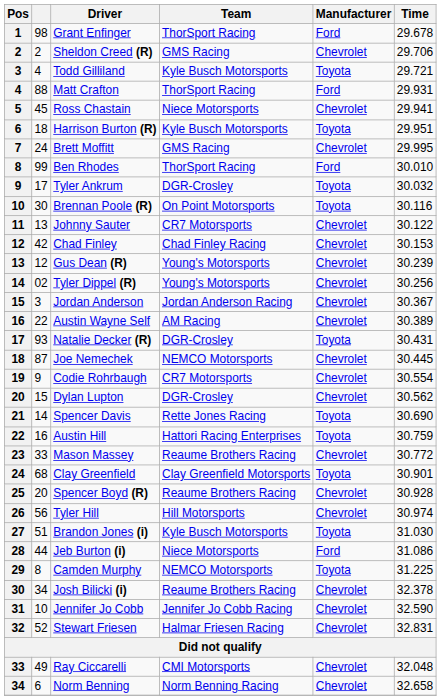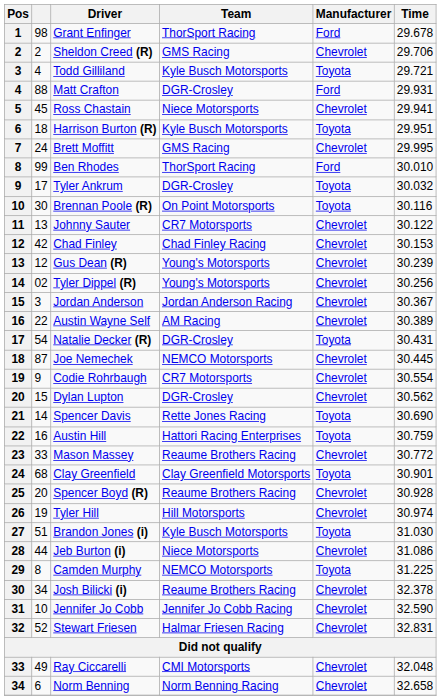 <table class="wikitable" style="font-size:98%">
 <tr>
 <th>Pos</th>
 <th></th>
 <th>Driver</th>
 <th>Team</th>
 <th>Manufacturer</th>
 <th>Time</th>
 </tr>
 <tr>
 <th>1</th>
 <td>98</td>
 <td><a href='#'>Grant Enfinger</a></td>
 <td><a href='#'>ThorSport Racing</a></td>
 <td><a href='#'>Ford</a></td>
 <td>29.678</td>
 </tr>
 <tr>
 <th>2</th>
 <td>2</td>
 <td><a href='#'>Sheldon Creed</a> <strong>(R)</strong></td>
 <td><a href='#'>GMS Racing</a></td>
 <td><a href='#'>Chevrolet</a></td>
 <td>29.706</td>
 </tr>
 <tr>
 <th>3</th>
 <td>4</td>
 <td><a href='#'>Todd Gilliland</a></td>
 <td><a href='#'>Kyle Busch Motorsports</a></td>
 <td><a href='#'>Toyota</a></td>
 <td>29.721</td>
 </tr>
 <tr>
 <th>4</th>
 <td>88</td>
 <td><a href='#'>Matt Crafton</a></td>
-<td><a href='#'>ThorSport Racing</a></td>
+<td><a href='#'>DGR-Crosley</a></td>
 <td><a href='#'>Ford</a></td>
 <td>29.931</td>
 </tr>
 <tr>
 <th>5</th>
 <td>45</td>
 <td><a href='#'>Ross Chastain</a></td>
 <td><a href='#'>Niece Motorsports</a></td>
 <td><a href='#'>Chevrolet</a></td>
 <td>29.941</td>
 </tr>
 <tr>
 <th>6</th>
 <td>18</td>
 <td><a href='#'>Harrison Burton</a> <strong>(R)</strong></td>
 <td><a href='#'>Kyle Busch Motorsports</a></td>
 <td><a href='#'>Toyota</a></td>
 <td>29.951</td>
 </tr>
 <tr>
 <th>7</th>
 <td>24</td>
 <td><a href='#'>Brett Moffitt</a></td>
 <td><a href='#'>GMS Racing</a></td>
 <td><a href='#'>Chevrolet</a></td>
 <td>29.995</td>
 </tr>
 <tr>
 <th>8</th>
 <td>99</td>
 <td><a href='#'>Ben Rhodes</a></td>
 <td><a href='#'>ThorSport Racing</a></td>
 <td><a href='#'>Ford</a></td>
 <td>30.010</td>
 </tr>
 <tr>
 <th>9</th>
 <td>17</td>
 <td><a href='#'>Tyler Ankrum</a></td>
 <td><a href='#'>DGR-Crosley</a></td>
 <td><a href='#'>Toyota</a></td>
 <td>30.032</td>
 </tr>
 <tr>
 <th>10</th>
 <td>30</td>
 <td><a href='#'>Brennan Poole</a> <strong>(R)</strong></td>
 <td><a href='#'>On Point Motorsports</a></td>
 <td><a href='#'>Toyota</a></td>
 <td>30.116</td>
 </tr>
 <tr>
 <th>11</th>
 <td>13</td>
 <td><a href='#'>Johnny Sauter</a></td>
 <td><a href='#'>CR7 Motorsports</a></td>
 <td><a href='#'>Chevrolet</a></td>
 <td>30.122</td>
 </tr>
 <tr>
 <th>12</th>
 <td>42</td>
 <td><a href='#'>Chad Finley</a></td>
 <td><a href='#'>Chad Finley Racing</a></td>
 <td><a href='#'>Chevrolet</a></td>
 <td>30.153</td>
 </tr>
 <tr>
 <th>13</th>
 <td>12</td>
 <td><a href='#'>Gus Dean</a> <strong>(R)</strong></td>
 <td><a href='#'>Young's Motorsports</a></td>
 <td><a href='#'>Chevrolet</a></td>
 <td>30.239</td>
 </tr>
 <tr>
 <th>14</th>
 <td>02</td>
 <td><a href='#'>Tyler Dippel</a> <strong>(R)</strong></td>
 <td><a href='#'>Young's Motorsports</a></td>
 <td><a href='#'>Chevrolet</a></td>
 <td>30.256</td>
 </tr>
 <tr>
 <th>15</th>
 <td>3</td>
 <td><a href='#'>Jordan Anderson</a></td>
 <td><a href='#'>Jordan Anderson Racing</a></td>
 <td><a href='#'>Chevrolet</a></td>
 <td>30.367</td>
 </tr>
 <tr>
 <th>16</th>
 <td>22</td>
 <td><a href='#'>Austin Wayne Self</a></td>
 <td><a href='#'>AM Racing</a></td>
 <td><a href='#'>Chevrolet</a></td>
 <td>30.389</td>
 </tr>
 <tr>
 <th>17</th>
-<td>93</td>
+<td>54</td>
 <td><a href='#'>Natalie Decker</a> <strong>(R)</strong></td>
 <td><a href='#'>DGR-Crosley</a></td>
 <td><a href='#'>Toyota</a></td>
 <td>30.431</td>
 </tr>
 <tr>
 <th>18</th>
 <td>87</td>
 <td><a href='#'>Joe Nemechek</a></td>
 <td><a href='#'>NEMCO Motorsports</a></td>
 <td><a href='#'>Chevrolet</a></td>
 <td>30.445</td>
 </tr>
 <tr>
 <th>19</th>
 <td>9</td>
 <td><a href='#'>Codie Rohrbaugh</a></td>
 <td><a href='#'>CR7 Motorsports</a></td>
 <td><a href='#'>Chevrolet</a></td>
 <td>30.554</td>
 </tr>
 <tr>
 <th>20</th>
 <td>15</td>
 <td><a href='#'>Dylan Lupton</a></td>
 <td><a href='#'>DGR-Crosley</a></td>
 <td><a href='#'>Chevrolet</a></td>
 <td>30.562</td>
 </tr>
 <tr>
 <th>21</th>
 <td>14</td>
 <td><a href='#'>Spencer Davis</a></td>
 <td><a href='#'>Rette Jones Racing</a></td>
 <td><a href='#'>Toyota</a></td>
 <td>30.690</td>
 </tr>
 <tr>
 <th>22</th>
 <td>16</td>
 <td><a href='#'>Austin Hill</a></td>
 <td><a href='#'>Hattori Racing Enterprises</a></td>
 <td><a href='#'>Toyota</a></td>
 <td>30.759</td>
 </tr>
 <tr>
 <th>23</th>
 <td>33</td>
 <td><a href='#'>Mason Massey</a></td>
 <td><a href='#'>Reaume Brothers Racing</a></td>
 <td><a href='#'>Chevrolet</a></td>
 <td>30.772</td>
 </tr>
 <tr>
 <th>24</th>
 <td>68</td>
 <td><a href='#'>Clay Greenfield</a></td>
 <td><a href='#'>Clay Greenfield Motorsports</a></td>
 <td><a href='#'>Toyota</a></td>
 <td>30.901</td>
 </tr>
 <tr>
 <th>25</th>
 <td>20</td>
 <td><a href='#'>Spencer Boyd</a> <strong>(R)</strong></td>
 <td><a href='#'>Reaume Brothers Racing</a></td>
 <td><a href='#'>Chevrolet</a></td>
 <td>30.928</td>
 </tr>
 <tr>
 <th>26</th>
-<td>56</td>
+<td>19</td>
 <td><a href='#'>Tyler Hill</a></td>
 <td><a href='#'>Hill Motorsports</a></td>
 <td><a href='#'>Chevrolet</a></td>
 <td>30.974</td>
 </tr>
 <tr>
 <th>27</th>
 <td>51</td>
 <td><a href='#'>Brandon Jones</a> <strong>(i)</strong></td>
 <td><a href='#'>Kyle Busch Motorsports</a></td>
 <td><a href='#'>Toyota</a></td>
 <td>31.030</td>
 </tr>
 <tr>
 <th>28</th>
 <td>44</td>
 <td><a href='#'>Jeb Burton</a> <strong>(i)</strong></td>
 <td><a href='#'>Niece Motorsports</a></td>
-<td><a href='#'>Ford</a></td>
+<td><a href='#'>Chevrolet</a></td>
 <td>31.086</td>
 </tr>
 <tr>
 <th>29</th>
 <td>8</td>
 <td><a href='#'>Camden Murphy</a></td>
 <td><a href='#'>NEMCO Motorsports</a></td>
 <td><a href='#'>Toyota</a></td>
 <td>31.225</td>
 </tr>
 <tr>
 <th>30</th>
 <td>34</td>
 <td><a href='#'>Josh Bilicki</a> <strong>(i)</strong></td>
 <td><a href='#'>Reaume Brothers Racing</a></td>
 <td><a href='#'>Chevrolet</a></td>
 <td>32.378</td>
 </tr>
 <tr>
 <th>31</th>
 <td>10</td>
 <td><a href='#'>Jennifer Jo Cobb</a></td>
 <td><a href='#'>Jennifer Jo Cobb Racing</a></td>
 <td><a href='#'>Chevrolet</a></td>
 <td>32.590</td>
 </tr>
 <tr>
 <th>32</th>
 <td>52</td>
 <td><a href='#'>Stewart Friesen</a></td>
 <td><a href='#'>Halmar Friesen Racing</a></td>
 <td><a href='#'>Chevrolet</a></td>
 <td>32.831</td>
 </tr>
 <tr>
 <th colspan="6">Did not qualify</th>
 </tr>
 <tr>
 <th>33</th>
 <td>49</td>
 <td><a href='#'>Ray Ciccarelli</a></td>
 <td><a href='#'>CMI Motorsports</a></td>
 <td><a href='#'>Chevrolet</a></td>
 <td>32.048</td>
 </tr>
 <tr>
 <th>34</th>
 <td>6</td>
 <td><a href='#'>Norm Benning</a></td>
 <td><a href='#'>Norm Benning Racing</a></td>
 <td><a href='#'>Chevrolet</a></td>
 <td>32.658</td>
 </tr>
 <tr>
 </tr>
 </table>
